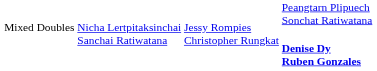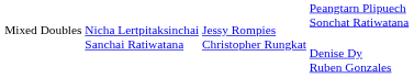 <table>
 <tr>
 <td rowspan=2>Mixed Doubles</td>
 <td rowspan=2> <br> <a href='#'>Nicha Lertpitaksinchai</a> <br> <a href='#'>Sanchai Ratiwatana</a></td>
 <td rowspan=2> <br> <a href='#'>Jessy Rompies</a> <br> <a href='#'>Christopher Rungkat</a></td>
 <td> <br> <a href='#'>Peangtarn Plipuech</a> <br> <a href='#'>Sonchat Ratiwatana</a></td>
 </tr>
 <tr>
-<td><strong> <br> <a href='#'>Denise Dy</a> <br> <a href='#'>Ruben Gonzales</a></strong></td>
+<td> <br> <a href='#'>Denise Dy</a> <br> <a href='#'>Ruben Gonzales</a></td>
 </tr>
 <tr>
 </tr>
 </table>
